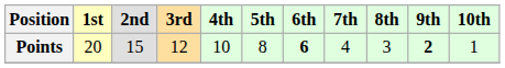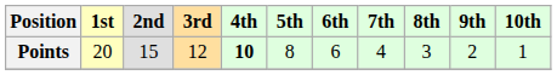 <table class="wikitable" style="font-size:85%; text-align:center">
 <tr>
 <th>Position</th>
 <td style="background:#ffffbf"> <strong>1st</strong> </td>
 <td style="background:#dfdfdf"> <strong>2nd</strong> </td>
 <td style="background:#ffdf9f"> <strong>3rd</strong> </td>
 <td style="background:#dfffdf"> <strong>4th</strong> </td>
 <td style="background:#dfffdf"> <strong>5th</strong> </td>
 <td style="background:#dfffdf"> <strong>6th</strong> </td>
 <td style="background:#dfffdf"> <strong>7th</strong> </td>
 <td style="background:#dfffdf"> <strong>8th</strong> </td>
 <td style="background:#dfffdf"> <strong>9th</strong> </td>
 <td style="background:#dfffdf"> <strong>10th</strong> </td>
 </tr>
 <tr>
 <th>Points</th>
 <td style="background:#ffffbf">20</td>
 <td style="background:#dfdfdf">15</td>
 <td style="background:#ffdf9f">12</td>
-<td style="background:#dfffdf">10</td>
+<td style="background:#dfffdf"><strong>10</strong></td>
 <td style="background:#dfffdf">8</td>
-<td style="background:#dfffdf"><strong>6</strong></td>
+<td style="background:#dfffdf">6</td>
 <td style="background:#dfffdf">4</td>
 <td style="background:#dfffdf">3</td>
-<td style="background:#dfffdf"><strong>2</strong></td>
+<td style="background:#dfffdf">2</td>
 <td style="background:#dfffdf">1</td>
 </tr>
 <tr>
 </tr>
 </table>
